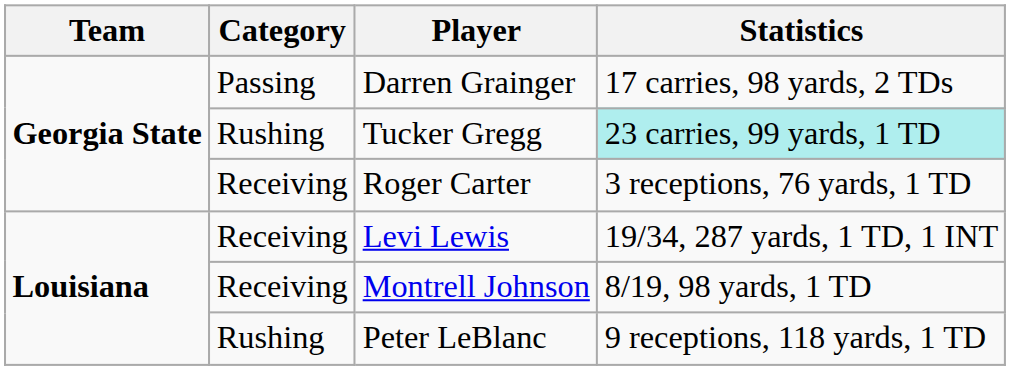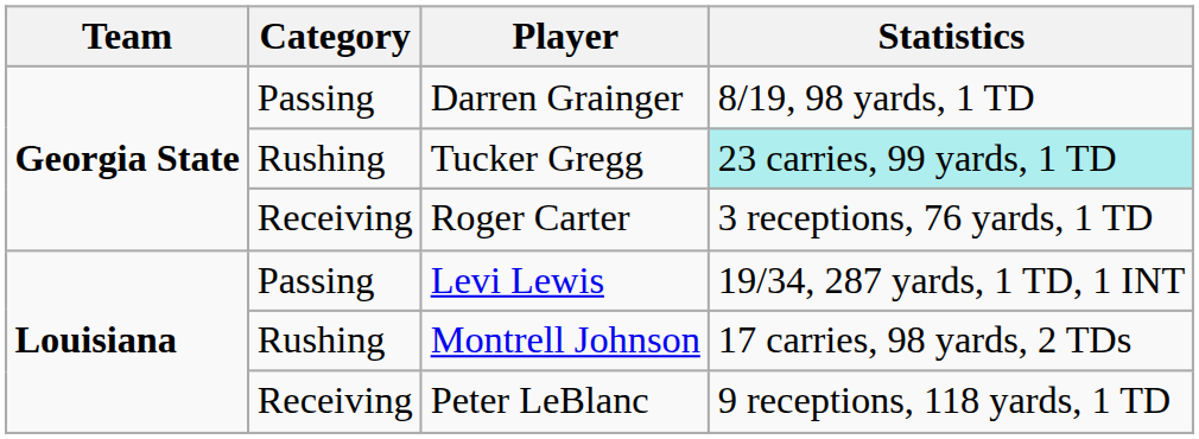 <table class="wikitable" style="float: left;">
 <tr>
 <th>Team</th>
 <th>Category</th>
 <th>Player</th>
 <th>Statistics</th>
 </tr>
 <tr>
 <td rowspan=3><strong>Georgia State</strong></td>
 <td>Passing</td>
 <td>Darren Grainger</td>
-<td>17 carries, 98 yards, 2 TDs</td>
+<td>8/19, 98 yards, 1 TD</td>
 </tr>
 <tr>
 <td>Rushing</td>
 <td>Tucker Gregg</td>
 <td style="background: paleturquoise;">23 carries, 99 yards, 1 TD</td>
 </tr>
 <tr>
 <td>Receiving</td>
 <td>Roger Carter</td>
 <td>3 receptions, 76 yards, 1 TD</td>
 </tr>
 <tr>
 <td rowspan=3><strong>Louisiana</strong></td>
-<td>Receiving</td>
+<td>Passing</td>
 <td><a href='#'>Levi Lewis</a></td>
 <td>19/34, 287 yards, 1 TD, 1 INT</td>
 </tr>
 <tr>
-<td>Receiving</td>
+<td>Rushing</td>
 <td><a href='#'>Montrell Johnson</a></td>
-<td>8/19, 98 yards, 1 TD</td>
+<td>17 carries, 98 yards, 2 TDs</td>
 </tr>
 <tr>
-<td>Rushing</td>
+<td>Receiving</td>
 <td>Peter LeBlanc</td>
 <td>9 receptions, 118 yards, 1 TD</td>
 </tr>
 </table>
